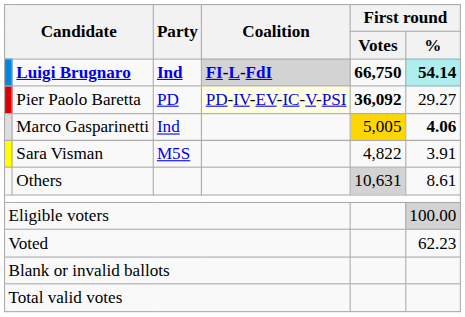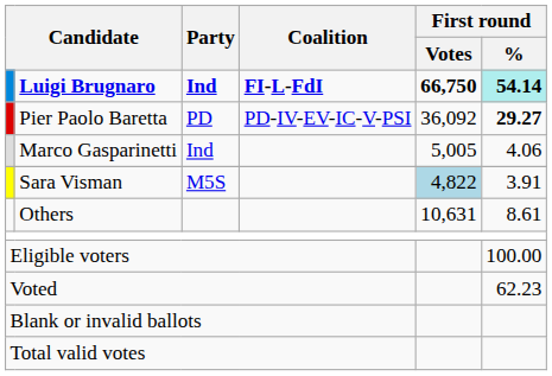 <table class="wikitable centre">
 <tr>
 <th scope="col" rowspan=2 colspan=2>Candidate</th>
 <th scope="col" rowspan=2 colspan=1>Party</th>
 <th scope="col" rowspan=2 colspan=1>Coalition</th>
 <th scope="col" colspan=2>First round</th>
 </tr>
 <tr>
 <th scope="col">Votes</th>
 <th scope="col">%</th>
 </tr>
 <tr>
 <td bgcolor="#0087DC"></td>
 <td><strong><a href='#'>Luigi Brugnaro</a></strong></td>
 <td><strong><a href='#'>Ind</a></strong></td>
-<td style="background: lightgrey;"><strong><a href='#'>FI</a>-<a href='#'>L</a>-<a href='#'>FdI</a></strong></td>
+<td><strong><a href='#'>FI</a>-<a href='#'>L</a>-<a href='#'>FdI</a></strong></td>
 <td style="text-align: right"><strong>66,750</strong></td>
 <td style="background: paleturquoise; text-align: right"><strong>54.14</strong></td>
 </tr>
 <tr>
 <td bgcolor="#dd0000"></td>
 <td>Pier Paolo Baretta</td>
 <td><a href='#'>PD</a></td>
-<td style="background: lightyellow;"><a href='#'>PD</a>-<a href='#'>IV</a>-<a href='#'>EV</a>-<a href='#'>IC</a>-<a href='#'>V</a>-<a href='#'>PSI</a></td>
-<td style="text-align: right"><strong>36,092</strong></td>
-<td style="text-align: right">29.27</td>
+<td><a href='#'>PD</a>-<a href='#'>IV</a>-<a href='#'>EV</a>-<a href='#'>IC</a>-<a href='#'>V</a>-<a href='#'>PSI</a></td>
+<td style="text-align: right">36,092</td>
+<td style="text-align: right"><strong>29.27</strong></td>
 </tr>
 <tr>
 <td bgcolor="#DDDDDD"></td>
 <td>Marco Gasparinetti</td>
 <td><a href='#'>Ind</a></td>
 <td></td>
-<td style="background: gold; text-align: right">5,005</td>
-<td style="text-align: right"><strong>4.06</strong></td>
+<td style="text-align: right">5,005</td>
+<td style="text-align: right">4.06</td>
 </tr>
 <tr>
 </tr>
 <tr>
 <td bgcolor="yellow"></td>
 <td>Sara Visman</td>
 <td><a href='#'>M5S</a></td>
 <td></td>
-<td style="text-align: right">4,822</td>
+<td style="background: lightblue; text-align: right">4,822</td>
 <td style="text-align: right">3.91</td>
 </tr>
 <tr>
 <td bgcolor=""></td>
 <td>Others</td>
 <td></td>
 <td></td>
-<td style="background: lightgrey; text-align: right">10,631</td>
+<td style="text-align: right">10,631</td>
 <td style="text-align: right">8.61</td>
 </tr>
 <tr bgcolor=white>
 <td colspan=8></td>
 </tr>
 <tr>
 <td colspan=4>Eligible voters</td>
 <td style="text-align: right"></td>
-<td style="background: lightgrey; text-align: right">100.00</td>
+<td style="text-align: right">100.00</td>
 </tr>
 <tr>
 <td colspan=4>Voted</td>
 <td style="text-align: right"></td>
 <td style="text-align: right">62.23</td>
 </tr>
 <tr>
 <td colspan=4>Blank or invalid ballots</td>
 <td style="text-align: right"></td>
 <td style="text-align: right"></td>
 </tr>
 <tr>
 <td colspan=4>Total valid votes</td>
 <td style="text-align: right"></td>
 <td style="text-align: right"></td>
 </tr>
 </table>
